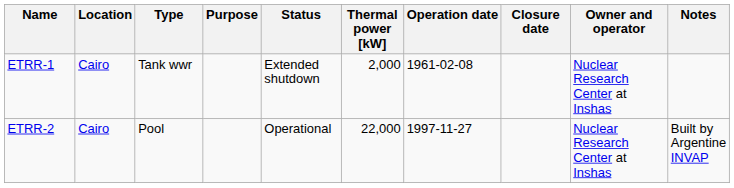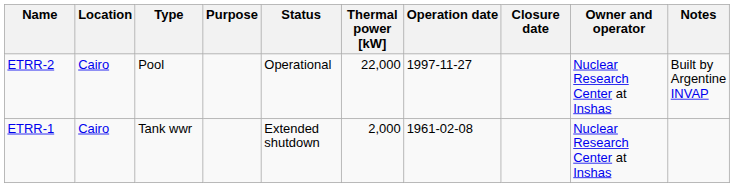 <table class="wikitable" >
 <tr valign="top">
 <th width="80">Name</th>
 <th width="65">Location</th>
 <th width="76">Type</th>
 <th width="65">Purpose</th>
 <th width="91">Status</th>
 <th width="70“">Thermal power [kW]</th>
 <th width=„67“>Operation date</th>
 <th width="78“">Closure date</th>
 <th width="113“">Owner and operator</th>
 <th width="65">Notes</th>
 </tr>
 <tr valign="top">
+<td><a href='#'>ETRR-2</a></td>
+<td><a href='#'>Cairo</a></td>
+<td>Pool</td>
+<td></td>
+<td>Operational</td>
+<td align="right">22,000</td>
+<td>1997-11-27</td>
+<td></td>
+<td><a href='#'>Nuclear Research Center</a> at <a href='#'>Inshas</a></td>
+<td>Built by Argentine <a href='#'>INVAP</a></td>
+</tr>
+<tr valign="top">
 <td><a href='#'>ETRR-1</a></td>
 <td><a href='#'>Cairo</a></td>
 <td>Tank wwr</td>
 <td></td>
 <td>Extended shutdown</td>
 <td align="right">2,000</td>
 <td>1961-02-08</td>
 <td></td>
 <td><a href='#'>Nuclear Research Center</a> at <a href='#'>Inshas</a></td>
 <td></td>
 </tr>
-<tr valign="top">
-<td><a href='#'>ETRR-2</a></td>
-<td><a href='#'>Cairo</a></td>
-<td>Pool</td>
-<td></td>
-<td>Operational</td>
-<td align="right">22,000</td>
-<td>1997-11-27</td>
-<td></td>
-<td><a href='#'>Nuclear Research Center</a> at <a href='#'>Inshas</a></td>
-<td>Built by Argentine <a href='#'>INVAP</a></td>
-</tr>
 </table>
